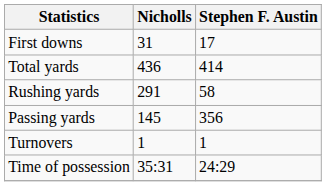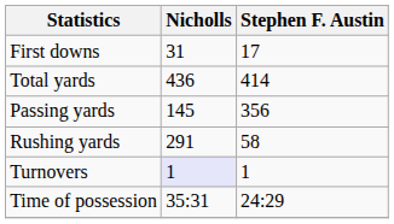 <table class="wikitable">
 <tr>
 <th>Statistics</th>
 <th>Nicholls</th>
 <th>Stephen F. Austin</th>
 </tr>
 <tr>
 <td>First downs</td>
 <td>31</td>
 <td>17</td>
 </tr>
 <tr>
 <td>Total yards</td>
 <td>436</td>
 <td>414</td>
 </tr>
 <tr>
+<td>Passing yards</td>
+<td>145</td>
+<td>356</td>
+</tr>
+<tr>
 <td>Rushing yards</td>
 <td>291</td>
 <td>58</td>
 </tr>
 <tr>
-<td>Passing yards</td>
-<td>145</td>
-<td>356</td>
-</tr>
-<tr>
 <td>Turnovers</td>
-<td>1</td>
+<td style="background: lavender;">1</td>
 <td>1</td>
 </tr>
 <tr>
 <td>Time of possession</td>
 <td>35:31</td>
 <td>24:29</td>
 </tr>
 <tr>
 </tr>
 </table>
